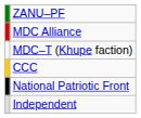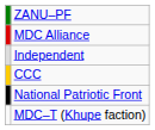 <table class="wikitable">
 <tr>
 <td style="background:#008000;"></td>
 <td><a href='#'>ZANU–PF</a></td>
 </tr>
 <tr>
 <td style="background:#DD0000;"></td>
 <td><a href='#'>MDC Alliance</a></td>
 </tr>
 <tr>
-<td style="background:"></td>
-<td><a href='#'>MDC–T</a> (<a href='#'>Khupe</a> faction)</td>
+<td style="background:#DDDDDD;"></td>
+<td><a href='#'>Independent</a></td>
 </tr>
 <tr>
 <td style="background:#FFCC00;"></td>
 <td><a href='#'>CCC</a></td>
 </tr>
 <tr>
 <td style="background:#000000;"></td>
 <td><a href='#'>National Patriotic Front</a></td>
 </tr>
 <tr>
-<td style="background:#DDDDDD;"></td>
-<td><a href='#'>Independent</a></td>
+<td style="background:"></td>
+<td><a href='#'>MDC–T</a> (<a href='#'>Khupe</a> faction)</td>
 </tr>
 </table>
